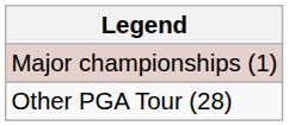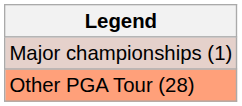 <table class="wikitable" style="font-size:95%;">
 <tr>
 <th>Legend</th>
 </tr>
 <tr style="background:#e5d1cb;">
 <td>Major championships (1)</td>
 </tr>
 <tr>
-<td>Other PGA Tour (28)</td>
+<td style="background: lightsalmon;">Other PGA Tour (28)</td>
 </tr>
 </table>
